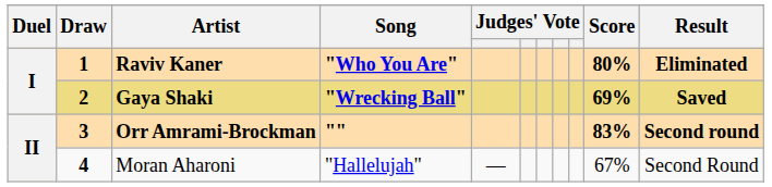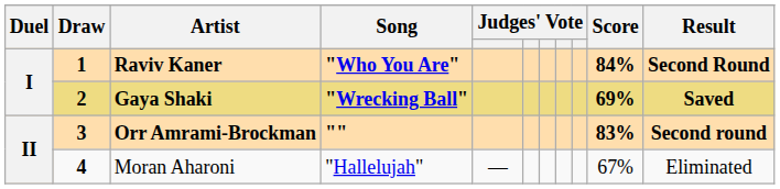 <table class="sortable wikitable" style="margin: 1em auto 1em auto; text-align:center; font-size:90%; line-height:18px;">
 <tr>
 </tr>
 <tr>
 <th rowspan="2" class="unsortable">Duel</th>
 <th rowspan="2">Draw</th>
 <th rowspan="2">Artist</th>
 <th rowspan="2">Song</th>
 <th colspan="5" class="unsortable">Judges' Vote</th>
 <th rowspan="2">Score</th>
 <th rowspan="2">Result</th>
 </tr>
 <tr>
 <th class="unsortable"></th>
 <th class="unsortable"></th>
 <th class="unsortable"></th>
 <th class="unsortable"></th>
 <th class="unsortable"></th>
 </tr>
 <tr style="font-weight:bold; background:navajowhite;">
 <th rowspan="2">I</th>
 <td>1</td>
 <td align="left">Raviv Kaner</td>
 <td align="left">"<a href='#'>Who You Are</a>"</td>
 <td></td>
 <td></td>
 <td></td>
 <td></td>
 <td></td>
-<td>80%</td>
-<td>Eliminated</td>
+<td>84%</td>
+<td>Second Round</td>
 </tr>
 <tr style="font-weight:bold; background:#eedc82;">
 <td>2</td>
 <td align="left">Gaya Shaki</td>
 <td align="left">"<a href='#'>Wrecking Ball</a>"</td>
 <td></td>
 <td></td>
 <td></td>
 <td></td>
 <td></td>
 <td>69%</td>
 <td>Saved</td>
 </tr>
 <tr style="font-weight:bold; background:navajowhite;">
 <th rowspan="2">II</th>
 <td>3</td>
 <td align="left">Orr Amrami-Brockman</td>
 <td align="left">""</td>
 <td></td>
 <td></td>
 <td></td>
 <td></td>
 <td></td>
 <td>83%</td>
 <td>Second round</td>
 </tr>
 <tr>
 <td><strong>4</strong></td>
 <td align="left">Moran Aharoni</td>
 <td align="left">"<a href='#'>Hallelujah</a>"</td>
 <td>—</td>
 <td></td>
 <td></td>
 <td></td>
 <td></td>
 <td>67%</td>
-<td>Second Round</td>
+<td>Eliminated</td>
 </tr>
 </table>
